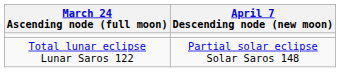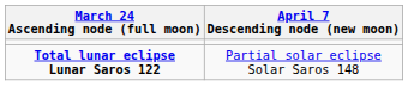 <table class="wikitable">
 <tr>
 <th><a href='#'>March 24</a><br>Ascending node (full moon)<br></th>
 <th><a href='#'>April 7</a><br>Descending node (new moon)<br></th>
 </tr>
 <tr>
 <td></td>
 <td></td>
 </tr>
 <tr align=center>
-<td><a href='#'>Total lunar eclipse</a><br>Lunar Saros 122</td>
+<td><strong><a href='#'>Total lunar eclipse</a><br>Lunar Saros 122</strong></td>
 <td><a href='#'>Partial solar eclipse</a><br>Solar Saros 148</td>
 </tr>
 </table>
